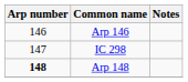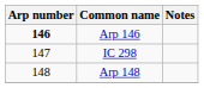 <table class="wikitable" style="text-align:center;">
 <tr>
 <th>Arp number</th>
 <th>Common name</th>
 <th>Notes</th>
 </tr>
 <tr>
-<td>146</td>
+<td><strong>146</strong></td>
 <td><a href='#'>Arp 146</a></td>
 <td></td>
 </tr>
 <tr>
 <td>147</td>
 <td><a href='#'>IC 298</a></td>
 <td></td>
 </tr>
 <tr>
-<td><strong>148</strong></td>
+<td>148</td>
 <td><a href='#'>Arp 148</a></td>
 <td></td>
 </tr>
 <tr>
 </tr>
 </table>
